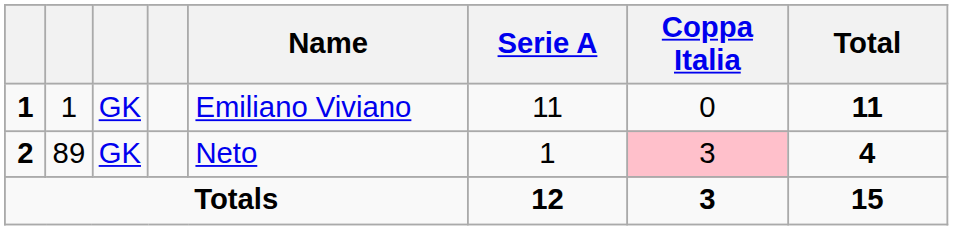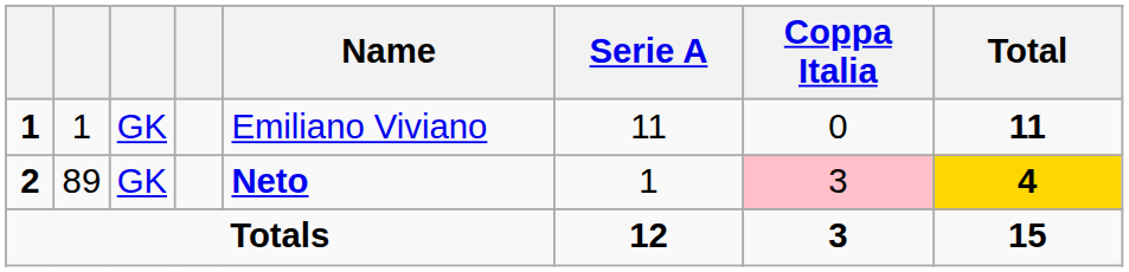 <table class="wikitable" style="text-align:center">
 <tr>
 <th width=15></th>
 <th width=15></th>
 <th width=15></th>
 <th width=15></th>
 <th width=145>Name</th>
 <th width=80><a href='#'>Serie A</a></th>
 <th width=80><a href='#'>Coppa Italia</a></th>
 <th width=80>Total</th>
 </tr>
 <tr>
 <td><strong>1</strong></td>
 <td>1</td>
 <td><a href='#'>GK</a></td>
 <td></td>
 <td align=left><a href='#'>Emiliano Viviano</a></td>
 <td>11</td>
 <td>0</td>
 <td><strong>11</strong></td>
 </tr>
 <tr>
 <td><strong>2</strong></td>
 <td>89</td>
 <td><a href='#'>GK</a></td>
 <td></td>
-<td align=left><a href='#'>Neto</a></td>
+<td align=left><strong><a href='#'>Neto</a></strong></td>
 <td>1</td>
 <td style="background: pink;">3</td>
-<td><strong>4</strong></td>
+<td style="background: gold;"><strong>4</strong></td>
 </tr>
 <tr>
 <td colspan=5><strong>Totals</strong></td>
 <td><strong>12</strong></td>
 <td><strong>3</strong></td>
 <td><strong>15</strong></td>
 </tr>
 </table>
